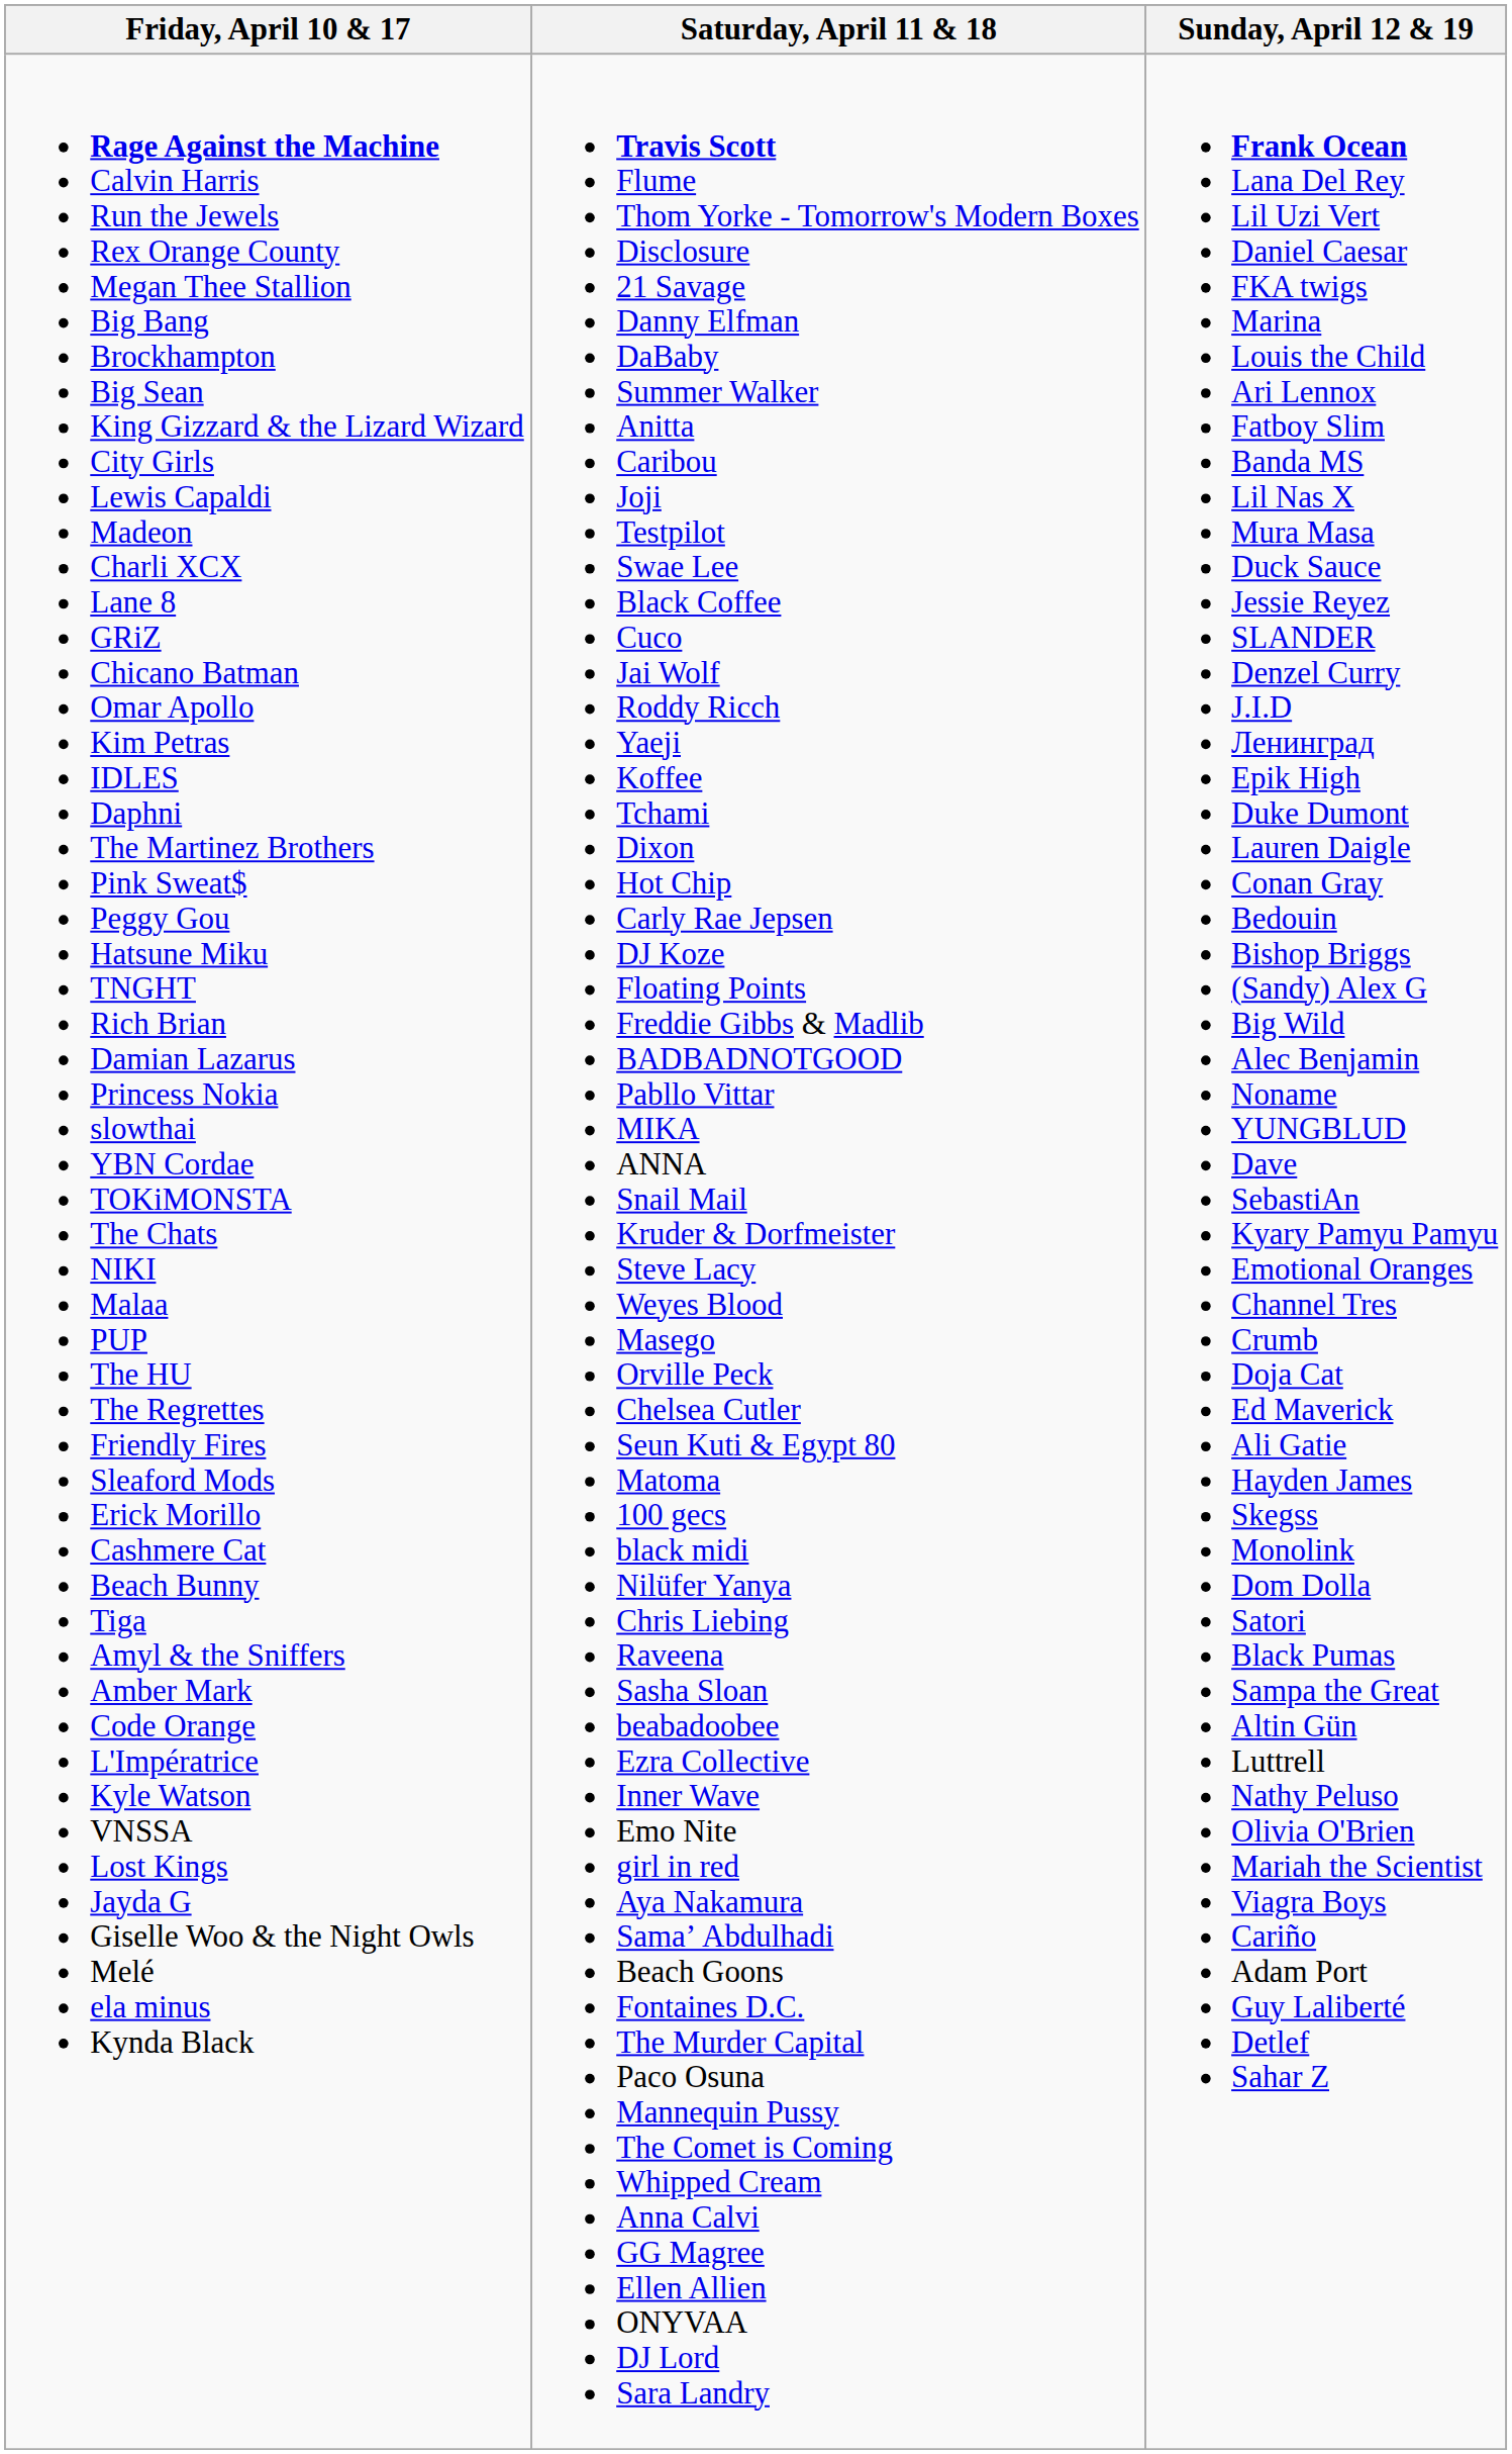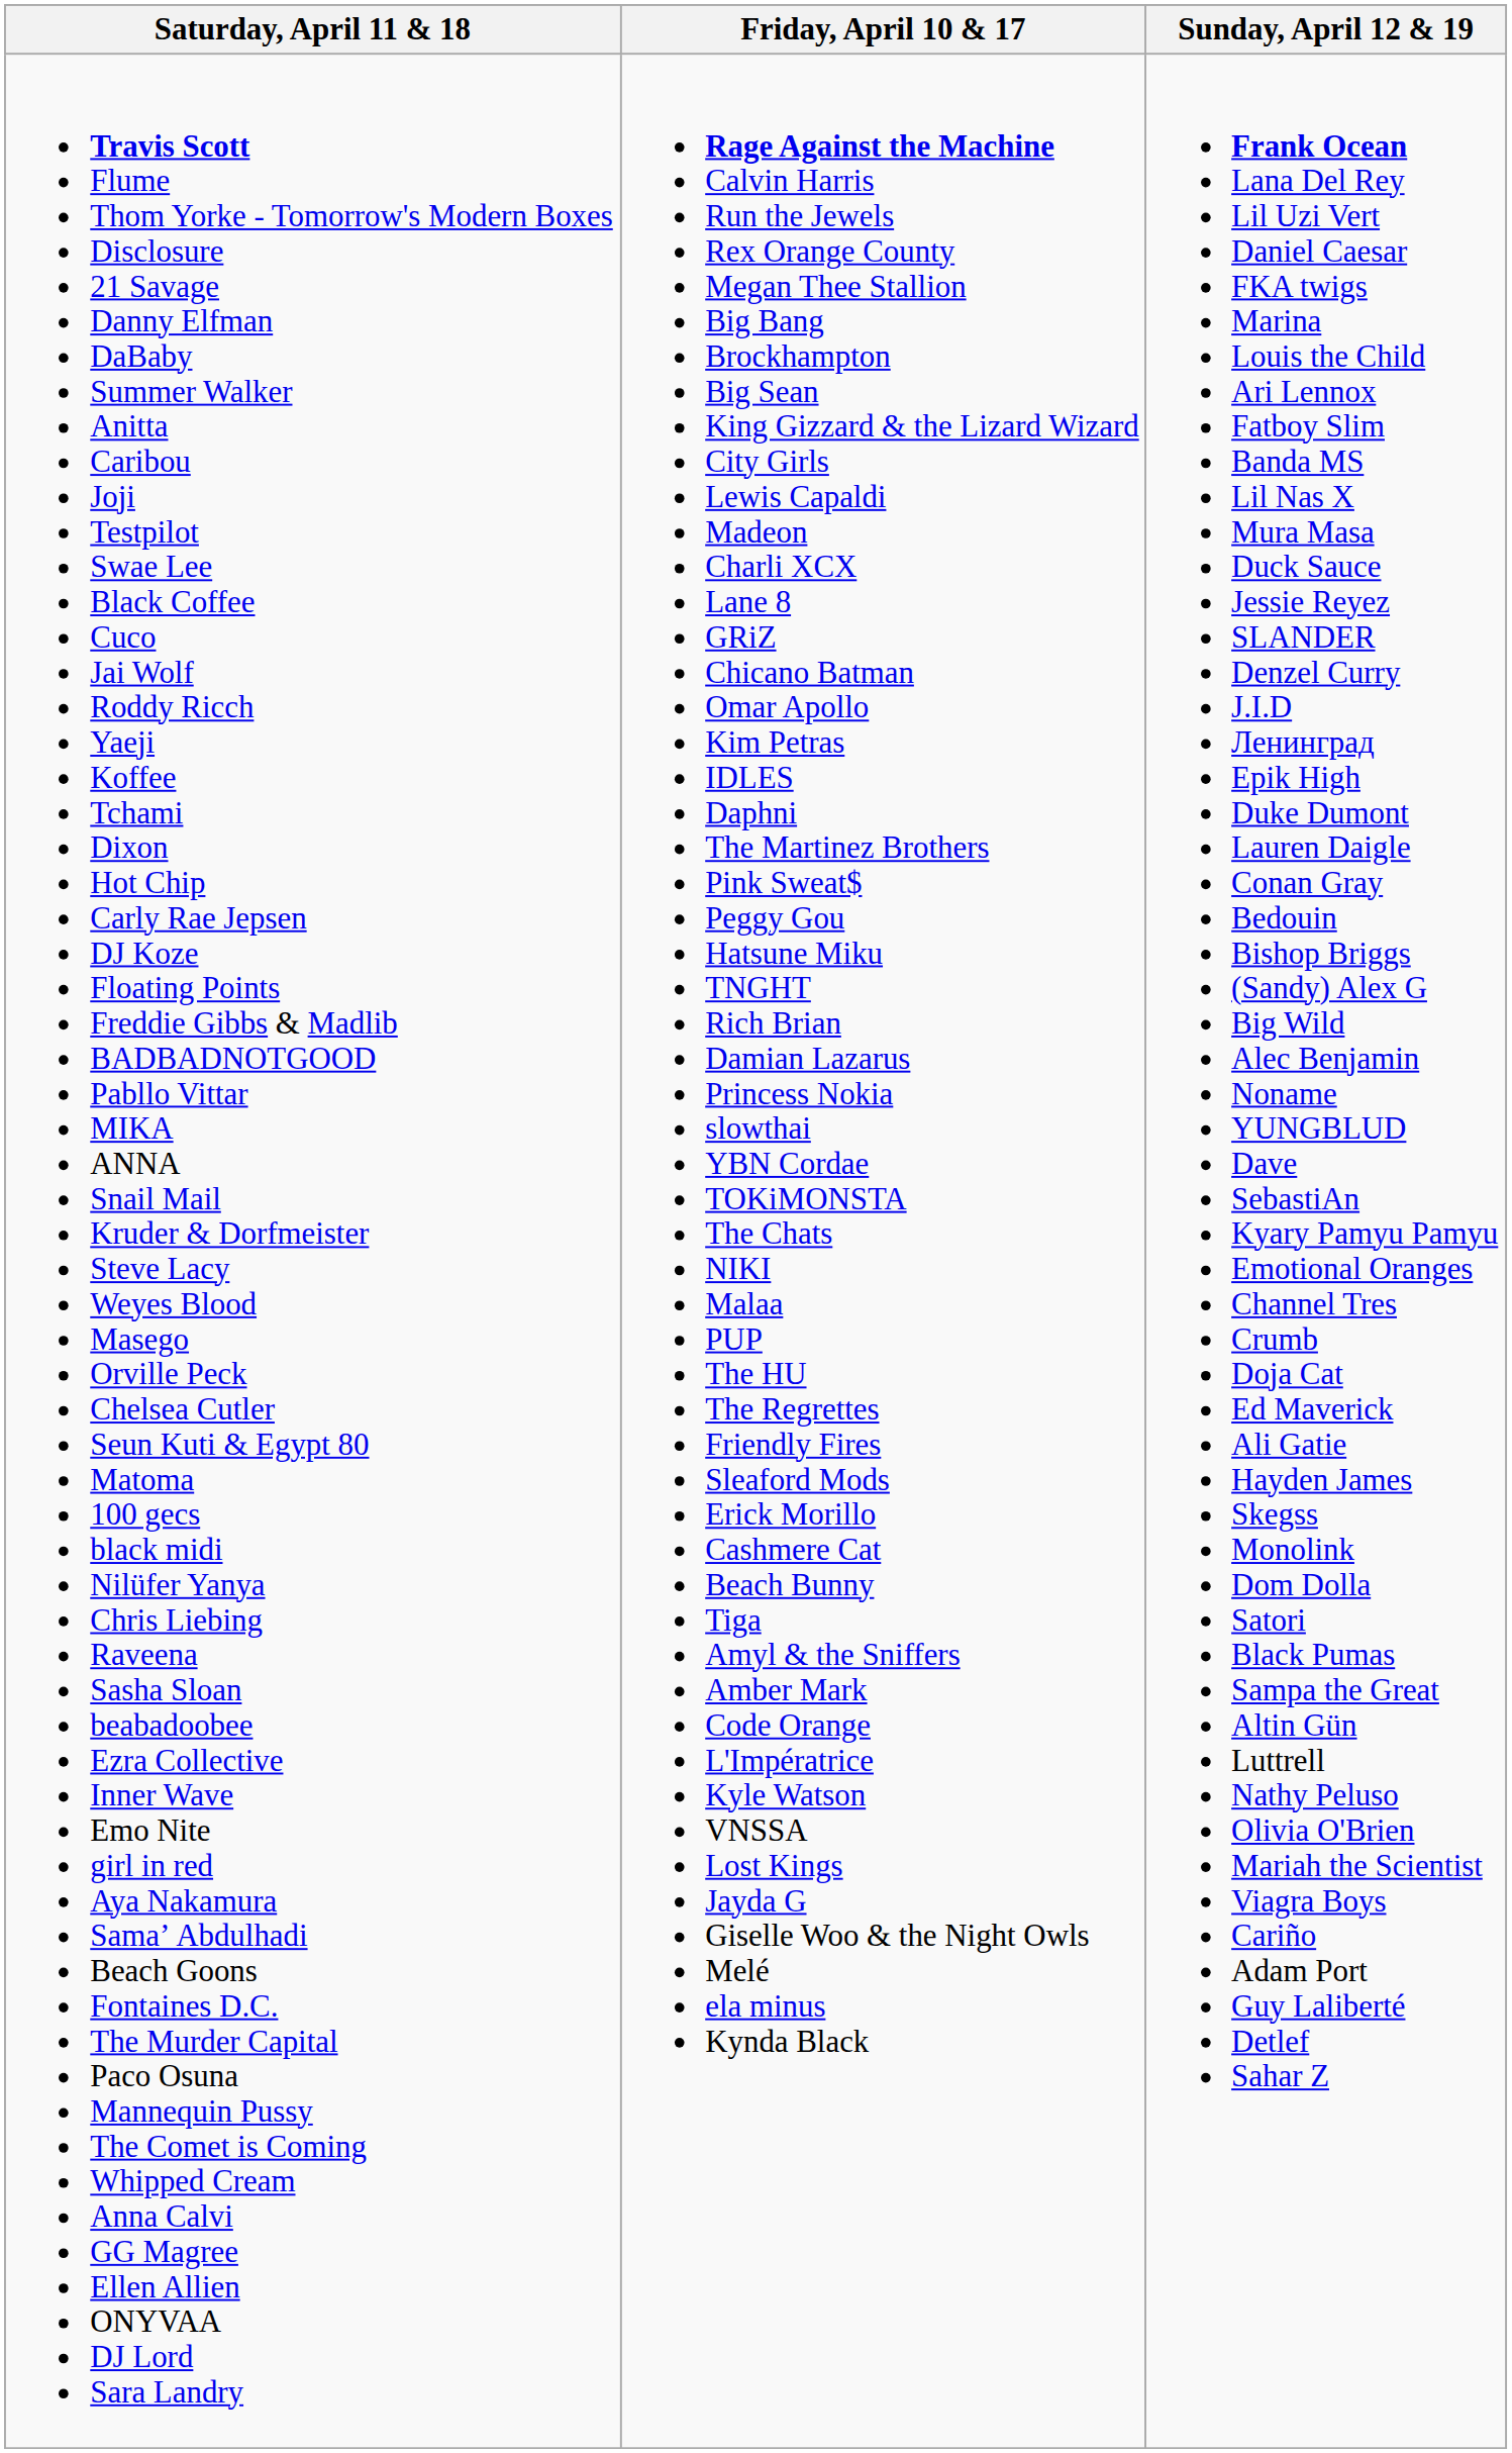 <table class="wikitable">
 <tr>
+<th>Saturday, April 11 & 18</th>
 <th>Friday, April 10 & 17</th>
-<th>Saturday, April 11 & 18</th>
 <th>Sunday, April 12 & 19</th>
 </tr>
 <tr valign="top">
+<td><br><ul><li><strong><a href='#'>Travis Scott</a></strong></li><li><a href='#'>Flume</a></li><li><a href='#'>Thom Yorke - Tomorrow's Modern Boxes</a></li><li><a href='#'>Disclosure</a></li><li><a href='#'>21 Savage</a></li><li><a href='#'>Danny Elfman</a></li><li><a href='#'>DaBaby</a></li><li><a href='#'>Summer Walker</a></li><li><a href='#'>Anitta</a></li><li><a href='#'>Caribou</a></li><li><a href='#'>Joji</a></li><li><a href='#'>Testpilot</a></li><li><a href='#'>Swae Lee</a></li><li><a href='#'>Black Coffee</a></li><li><a href='#'>Cuco</a></li><li><a href='#'>Jai Wolf</a></li><li><a href='#'>Roddy Ricch</a></li><li><a href='#'>Yaeji</a></li><li><a href='#'>Koffee</a></li><li><a href='#'>Tchami</a></li><li><a href='#'>Dixon</a></li><li><a href='#'>Hot Chip</a></li><li><a href='#'>Carly Rae Jepsen</a></li><li><a href='#'>DJ Koze</a></li><li><a href='#'>Floating Points</a></li><li><a href='#'>Freddie Gibbs</a> & <a href='#'>Madlib</a></li><li><a href='#'>BADBADNOTGOOD</a></li><li><a href='#'>Pabllo Vittar</a></li><li><a href='#'>MIKA</a></li><li>ANNA</li><li><a href='#'>Snail Mail</a></li><li><a href='#'>Kruder & Dorfmeister</a></li><li><a href='#'>Steve Lacy</a></li><li><a href='#'>Weyes Blood</a></li><li><a href='#'>Masego</a></li><li><a href='#'>Orville Peck</a></li><li><a href='#'>Chelsea Cutler</a></li><li><a href='#'>Seun Kuti & Egypt 80</a></li><li><a href='#'>Matoma</a></li><li><a href='#'>100 gecs</a></li><li><a href='#'>black midi</a></li><li><a href='#'>Nilüfer Yanya</a></li><li><a href='#'>Chris Liebing</a></li><li><a href='#'>Raveena</a></li><li><a href='#'>Sasha Sloan</a></li><li><a href='#'>beabadoobee</a></li><li><a href='#'>Ezra Collective</a></li><li><a href='#'>Inner Wave</a></li><li>Emo Nite</li><li><a href='#'>girl in red</a></li><li><a href='#'>Aya Nakamura</a></li><li><a href='#'>Samaʼ Abdulhadi</a></li><li>Beach Goons</li><li><a href='#'>Fontaines D.C.</a></li><li><a href='#'>The Murder Capital</a></li><li>Paco Osuna</li><li><a href='#'>Mannequin Pussy</a></li><li><a href='#'>The Comet is Coming</a></li><li><a href='#'>Whipped Cream</a></li><li><a href='#'>Anna Calvi</a></li><li><a href='#'>GG Magree</a></li><li><a href='#'>Ellen Allien</a></li><li>ONYVAA</li><li><a href='#'>DJ Lord</a></li><li><a href='#'>Sara Landry</a></li></ul></td>
 <td><br><ul><li><strong><a href='#'>Rage Against the Machine</a></strong></li><li><a href='#'>Calvin Harris</a></li><li><a href='#'>Run the Jewels</a></li><li><a href='#'>Rex Orange County</a></li><li><a href='#'>Megan Thee Stallion</a></li><li><a href='#'>Big Bang</a></li><li><a href='#'>Brockhampton</a></li><li><a href='#'>Big Sean</a></li><li><a href='#'>King Gizzard & the Lizard Wizard</a></li><li><a href='#'>City Girls</a></li><li><a href='#'>Lewis Capaldi</a></li><li><a href='#'>Madeon</a></li><li><a href='#'>Charli XCX</a></li><li><a href='#'>Lane 8</a></li><li><a href='#'>GRiZ</a></li><li><a href='#'>Chicano Batman</a></li><li><a href='#'>Omar Apollo</a></li><li><a href='#'>Kim Petras</a></li><li><a href='#'>IDLES</a></li><li><a href='#'>Daphni</a></li><li><a href='#'>The Martinez Brothers</a></li><li><a href='#'>Pink Sweat$</a></li><li><a href='#'>Peggy Gou</a></li><li><a href='#'>Hatsune Miku</a></li><li><a href='#'>TNGHT</a></li><li><a href='#'>Rich Brian</a></li><li><a href='#'>Damian Lazarus</a></li><li><a href='#'>Princess Nokia</a></li><li><a href='#'>slowthai</a></li><li><a href='#'>YBN Cordae</a></li><li><a href='#'>TOKiMONSTA</a></li><li><a href='#'>The Chats</a></li><li><a href='#'>NIKI</a></li><li><a href='#'>Malaa</a></li><li><a href='#'>PUP</a></li><li><a href='#'>The HU</a></li><li><a href='#'>The Regrettes</a></li><li><a href='#'>Friendly Fires</a></li><li><a href='#'>Sleaford Mods</a></li><li><a href='#'>Erick Morillo</a></li><li><a href='#'>Cashmere Cat</a></li><li><a href='#'>Beach Bunny</a></li><li><a href='#'>Tiga</a></li><li><a href='#'>Amyl & the Sniffers</a></li><li><a href='#'>Amber Mark</a></li><li><a href='#'>Code Orange</a></li><li><a href='#'>L'Impératrice</a></li><li><a href='#'>Kyle Watson</a></li><li>VNSSA</li><li><a href='#'>Lost Kings</a></li><li><a href='#'>Jayda G</a></li><li>Giselle Woo & the Night Owls</li><li>Melé</li><li><a href='#'>ela minus</a></li><li>Kynda Black</li></ul></td>
-<td><br><ul><li><strong><a href='#'>Travis Scott</a></strong></li><li><a href='#'>Flume</a></li><li><a href='#'>Thom Yorke - Tomorrow's Modern Boxes</a></li><li><a href='#'>Disclosure</a></li><li><a href='#'>21 Savage</a></li><li><a href='#'>Danny Elfman</a></li><li><a href='#'>DaBaby</a></li><li><a href='#'>Summer Walker</a></li><li><a href='#'>Anitta</a></li><li><a href='#'>Caribou</a></li><li><a href='#'>Joji</a></li><li><a href='#'>Testpilot</a></li><li><a href='#'>Swae Lee</a></li><li><a href='#'>Black Coffee</a></li><li><a href='#'>Cuco</a></li><li><a href='#'>Jai Wolf</a></li><li><a href='#'>Roddy Ricch</a></li><li><a href='#'>Yaeji</a></li><li><a href='#'>Koffee</a></li><li><a href='#'>Tchami</a></li><li><a href='#'>Dixon</a></li><li><a href='#'>Hot Chip</a></li><li><a href='#'>Carly Rae Jepsen</a></li><li><a href='#'>DJ Koze</a></li><li><a href='#'>Floating Points</a></li><li><a href='#'>Freddie Gibbs</a> & <a href='#'>Madlib</a></li><li><a href='#'>BADBADNOTGOOD</a></li><li><a href='#'>Pabllo Vittar</a></li><li><a href='#'>MIKA</a></li><li>ANNA</li><li><a href='#'>Snail Mail</a></li><li><a href='#'>Kruder & Dorfmeister</a></li><li><a href='#'>Steve Lacy</a></li><li><a href='#'>Weyes Blood</a></li><li><a href='#'>Masego</a></li><li><a href='#'>Orville Peck</a></li><li><a href='#'>Chelsea Cutler</a></li><li><a href='#'>Seun Kuti & Egypt 80</a></li><li><a href='#'>Matoma</a></li><li><a href='#'>100 gecs</a></li><li><a href='#'>black midi</a></li><li><a href='#'>Nilüfer Yanya</a></li><li><a href='#'>Chris Liebing</a></li><li><a href='#'>Raveena</a></li><li><a href='#'>Sasha Sloan</a></li><li><a href='#'>beabadoobee</a></li><li><a href='#'>Ezra Collective</a></li><li><a href='#'>Inner Wave</a></li><li>Emo Nite</li><li><a href='#'>girl in red</a></li><li><a href='#'>Aya Nakamura</a></li><li><a href='#'>Samaʼ Abdulhadi</a></li><li>Beach Goons</li><li><a href='#'>Fontaines D.C.</a></li><li><a href='#'>The Murder Capital</a></li><li>Paco Osuna</li><li><a href='#'>Mannequin Pussy</a></li><li><a href='#'>The Comet is Coming</a></li><li><a href='#'>Whipped Cream</a></li><li><a href='#'>Anna Calvi</a></li><li><a href='#'>GG Magree</a></li><li><a href='#'>Ellen Allien</a></li><li>ONYVAA</li><li><a href='#'>DJ Lord</a></li><li><a href='#'>Sara Landry</a></li></ul></td>
 <td><br><ul><li><strong><a href='#'>Frank Ocean</a></strong></li><li><a href='#'>Lana Del Rey</a></li><li><a href='#'>Lil Uzi Vert</a></li><li><a href='#'>Daniel Caesar</a></li><li><a href='#'>FKA twigs</a></li><li><a href='#'>Marina</a></li><li><a href='#'>Louis the Child</a></li><li><a href='#'>Ari Lennox</a></li><li><a href='#'>Fatboy Slim</a></li><li><a href='#'>Banda MS</a></li><li><a href='#'>Lil Nas X</a></li><li><a href='#'>Mura Masa</a></li><li><a href='#'>Duck Sauce</a></li><li><a href='#'>Jessie Reyez</a></li><li><a href='#'>SLANDER</a></li><li><a href='#'>Denzel Curry</a></li><li><a href='#'>J.I.D</a></li><li><a href='#'>Ленинград</a></li><li><a href='#'>Epik High</a></li><li><a href='#'>Duke Dumont</a></li><li><a href='#'>Lauren Daigle</a></li><li><a href='#'>Conan Gray</a></li><li><a href='#'>Bedouin</a></li><li><a href='#'>Bishop Briggs</a></li><li><a href='#'>(Sandy) Alex G</a></li><li><a href='#'>Big Wild</a></li><li><a href='#'>Alec Benjamin</a></li><li><a href='#'>Noname</a></li><li><a href='#'>YUNGBLUD</a></li><li><a href='#'>Dave</a></li><li><a href='#'>SebastiAn</a></li><li><a href='#'>Kyary Pamyu Pamyu</a></li><li><a href='#'>Emotional Oranges</a></li><li><a href='#'>Channel Tres</a></li><li><a href='#'>Crumb</a></li><li><a href='#'>Doja Cat</a></li><li><a href='#'>Ed Maverick</a></li><li><a href='#'>Ali Gatie</a></li><li><a href='#'>Hayden James</a></li><li><a href='#'>Skegss</a></li><li><a href='#'>Monolink</a></li><li><a href='#'>Dom Dolla</a></li><li><a href='#'>Satori</a></li><li><a href='#'>Black Pumas</a></li><li><a href='#'>Sampa the Great</a></li><li><a href='#'>Altin Gün</a></li><li>Luttrell</li><li><a href='#'>Nathy Peluso</a></li><li><a href='#'>Olivia O'Brien</a></li><li><a href='#'>Mariah the Scientist</a></li><li><a href='#'>Viagra Boys</a></li><li><a href='#'>Cariño</a></li><li>Adam Port</li><li><a href='#'>Guy Laliberté</a></li><li><a href='#'>Detlef</a></li><li><a href='#'>Sahar Z</a></li></ul></td>
 </tr>
 </table>
